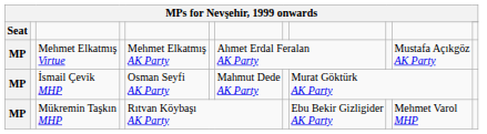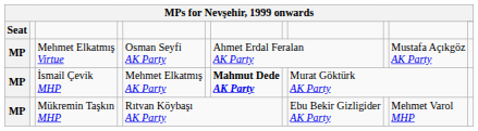 <table class="wikitable">
 <tr>
 <th colspan = 12>MPs for Nevşehir, 1999 onwards</th>
 </tr>
 <tr>
 <th rowspan = 2>Seat</th>
 <td rowspan="2" style="width:1px;"></td>
 <td rowspan = 2></td>
 <td rowspan="2" style="width:1px;"></td>
 <td rowspan = 2></td>
 <td rowspan="2" style="width:1px;"></td>
 <td rowspan = 2></td>
 <td rowspan="2" style="width:1px;"></td>
 <td rowspan = 2></td>
 <td rowspan="2" style="width:1px;"></td>
 <td rowspan = 2></td>
 </tr>
 <tr>
 <td></td>
 </tr>
 <tr>
 <th>MP</th>
 <td width=1px style="background-color: "></td>
 <td colspan = 1>Mehmet Elkatmış<br><em><a href='#'>Virtue</a></em></td>
 <td width=1px style="background-color: "></td>
-<td colspan = 1>Mehmet Elkatmış<br><em><a href='#'>AK Party</a></em></td>
+<td colspan = 1>Osman Seyfi<br><em><a href='#'>AK Party</a></em></td>
 <td width=1px style="background-color: "></td>
 <td colspan = 3>Ahmet Erdal Feralan<br><em><a href='#'>AK Party</a></em></td>
 <td width=1px style="background-color: "></td>
 <td colspan = 1>Mustafa Açıkgöz<br><em><a href='#'>AK Party</a></em></td>
 <td width=1px style="background-color: "></td>
 </tr>
 <tr>
 <th>MP</th>
 <td width=1px style="background-color: "></td>
 <td colspan = 1>İsmail Çevik<br><em><a href='#'>MHP</a></em></td>
 <td width=1px style="background-color: "></td>
-<td colspan = 1>Osman Seyfi<br><em><a href='#'>AK Party</a></em></td>
+<td colspan = 1>Mehmet Elkatmış<br><em><a href='#'>AK Party</a></em></td>
 <td width=1px style="background-color: "></td>
-<td colspan = 1>Mahmut Dede<br><em><a href='#'>AK Party</a></em></td>
+<td colspan = 1><strong>Mahmut Dede<br><em><a href='#'>AK Party</a></em></strong></td>
 <td width=1px style="background-color: "></td>
 <td colspan = 3>Murat Göktürk<br><em><a href='#'>AK Party</a></em></td>
 <td width=1px style="background-color: "></td>
 </tr>
 <tr>
 <th>MP</th>
 <td width=1px style="background-color: "></td>
 <td colspan = 1>Mükremin Taşkın<br><em><a href='#'>MHP</a></em></td>
 <td width=1px style="background-color: "></td>
 <td colspan = 3>Rıtvan Köybaşı<br><em><a href='#'>AK Party</a></em></td>
 <td width=1px style="background-color: "></td>
 <td colspan = 1>Ebu Bekir Gizligider<br><em><a href='#'>AK Party</a></em></td>
 <td width=1px style="background-color: "></td>
 <td colspan = 1>Mehmet Varol<br><em><a href='#'>MHP</a></em></td>
 <td width=1px style="background-color: "></td>
 </tr>
 </table>
